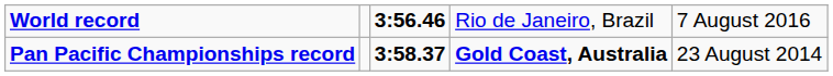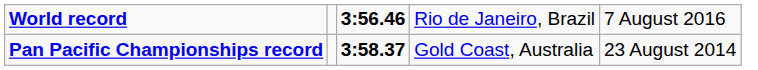 <table class="wikitable">
 <tr>
 <td><strong><a href='#'>World record</a></strong></td>
 <td></td>
 <td><strong>3:56.46</strong></td>
 <td><a href='#'>Rio de Janeiro</a>, Brazil</td>
 <td>7 August 2016</td>
 </tr>
 <tr>
 <td><strong><a href='#'>Pan Pacific Championships record</a></strong></td>
 <td></td>
 <td><strong>3:58.37</strong></td>
-<td><strong><a href='#'>Gold Coast</a>, Australia</strong></td>
+<td><a href='#'>Gold Coast</a>, Australia</td>
 <td>23 August 2014</td>
 </tr>
 </table>
